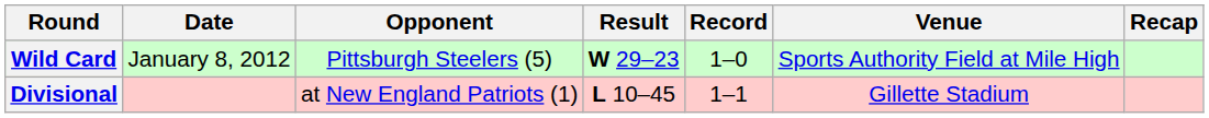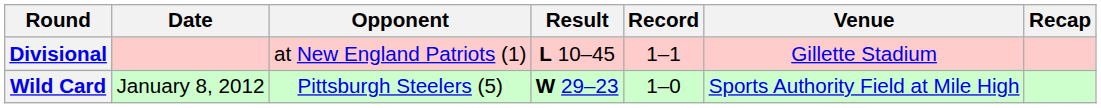 <table class="wikitable" style="text-align:center">
 <tr>
 <th>Round</th>
 <th>Date</th>
 <th>Opponent</th>
 <th>Result</th>
 <th>Record</th>
 <th>Venue</th>
 <th>Recap</th>
 </tr>
+<tr style="background:#fcc">
+<th><a href='#'>Divisional</a></th>
+<td></td>
+<td>at <a href='#'>New England Patriots</a> (1)</td>
+<td><strong>L</strong> 10–45</td>
+<td>1–1</td>
+<td><a href='#'>Gillette Stadium</a></td>
+<td></td>
+</tr>
 <tr style="background:#cfc">
 <th><a href='#'>Wild Card</a></th>
 <td>January 8, 2012</td>
 <td><a href='#'>Pittsburgh Steelers</a> (5)</td>
 <td><strong>W</strong> <a href='#'>29–23 </a></td>
 <td>1–0</td>
 <td><a href='#'>Sports Authority Field at Mile High</a></td>
 <td></td>
 </tr>
-<tr style="background:#fcc">
-<th><a href='#'>Divisional</a></th>
-<td></td>
-<td>at <a href='#'>New England Patriots</a> (1)</td>
-<td><strong>L</strong> 10–45</td>
-<td>1–1</td>
-<td><a href='#'>Gillette Stadium</a></td>
-<td></td>
-</tr>
 </table>
